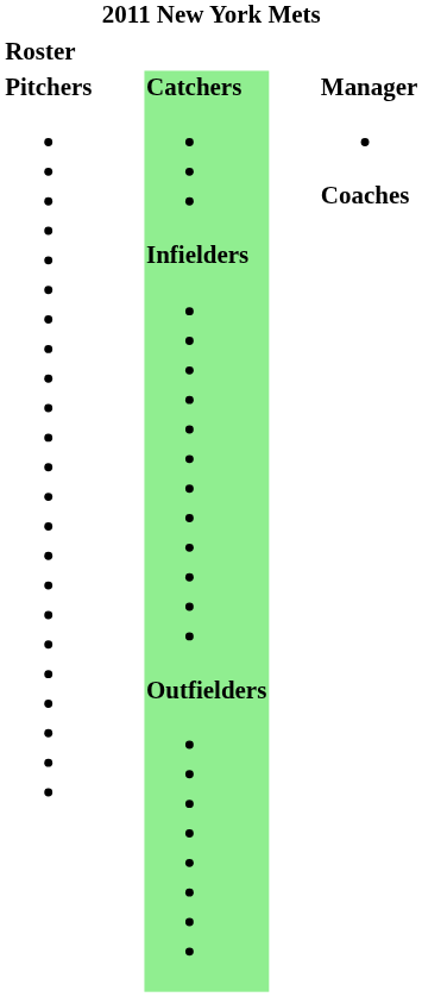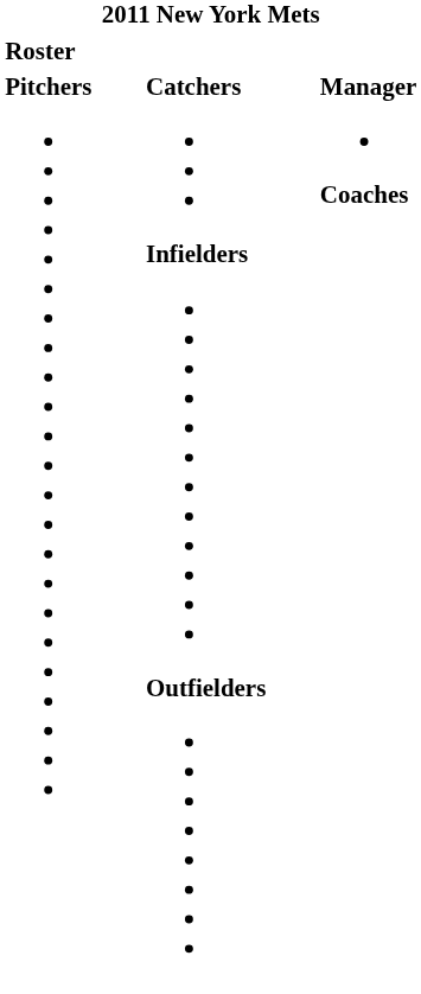 <table class="toccolours" style="font-size: 95%;">
 <tr>
 <th colspan="10">2011 New York Mets</th>
 </tr>
 <tr>
 <td colspan="10"><strong>Roster</strong></td>
 </tr>
 <tr>
 <td valign="top"><strong>Pitchers</strong><br><ul><li></li><li></li><li></li><li></li><li></li><li></li><li></li><li></li><li></li><li></li><li></li><li></li><li></li><li></li><li></li><li></li><li></li><li></li><li></li><li></li><li></li><li></li><li></li></ul></td>
 <td width="25px"></td>
-<td valign="top" style="background: lightgreen;"><strong>Catchers</strong><br><ul><li></li><li></li><li></li></ul><strong>Infielders</strong><ul><li></li><li></li><li></li><li></li><li></li><li></li><li></li><li></li><li></li><li></li><li></li><li></li></ul><strong>Outfielders</strong><ul><li></li><li></li><li></li><li></li><li></li><li></li><li></li><li></li></ul></td>
+<td valign="top"><strong>Catchers</strong><br><ul><li></li><li></li><li></li></ul><strong>Infielders</strong><ul><li></li><li></li><li></li><li></li><li></li><li></li><li></li><li></li><li></li><li></li><li></li><li></li></ul><strong>Outfielders</strong><ul><li></li><li></li><li></li><li></li><li></li><li></li><li></li><li></li></ul></td>
 <td width="25px"></td>
 <td valign="top"><strong>Manager</strong><br><ul><li></li></ul><strong>Coaches</strong>                </td>
 </tr>
 </table>
